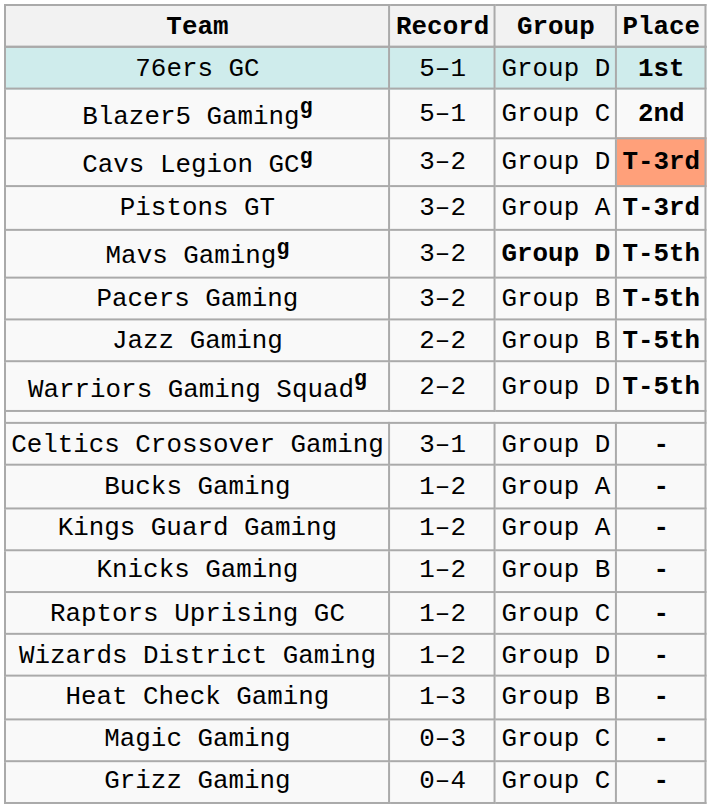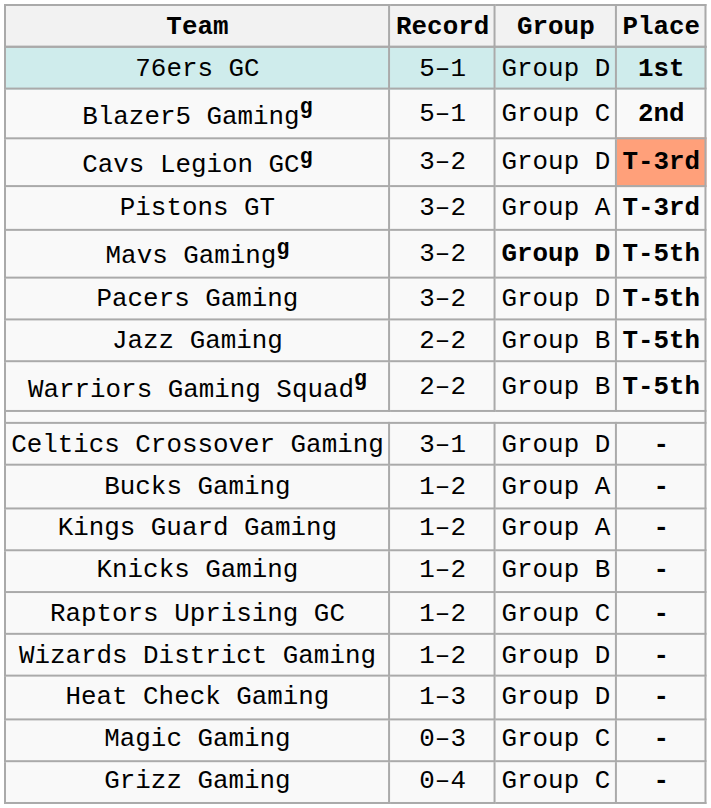 <table class="wikitable notsortable" style="text-align:center; font-size:100%">
 <tr>
 <th>Team</th>
 <th>Record</th>
 <th>Group</th>
 <th>Place</th>
 </tr>
 <tr>
 </tr>
 <tr style="background:#CFECEC">
 <td style="text-align:center">76ers GC</td>
 <td>5–1</td>
 <td>Group D</td>
 <td><strong>1st</strong></td>
 </tr>
 <tr>
 <td style="text-align:center">Blazer5 Gaming<strong><sup>g</sup></strong></td>
 <td>5–1</td>
 <td>Group C</td>
 <td><strong>2nd</strong></td>
 </tr>
 <tr>
 <td style="text-align:center">Cavs Legion GC<strong><sup>g</sup></strong></td>
 <td>3–2</td>
 <td>Group D</td>
 <td style="background: lightsalmon;"><strong>T-3rd</strong></td>
 </tr>
 <tr>
 <td style="text-align:center">Pistons GT</td>
 <td>3–2</td>
 <td>Group A</td>
 <td><strong>T-3rd</strong></td>
 </tr>
 <tr>
 <td style="text-align:center">Mavs Gaming<strong><sup>g</sup></strong></td>
 <td>3–2</td>
 <td><strong>Group D</strong></td>
 <td><strong>T-5th</strong></td>
 </tr>
 <tr>
 <td style="text-align:center">Pacers Gaming</td>
 <td>3–2</td>
-<td>Group B</td>
+<td>Group D</td>
 <td><strong>T-5th</strong></td>
 </tr>
 <tr>
 <td style="text-align:center">Jazz Gaming</td>
 <td>2–2</td>
 <td>Group B</td>
 <td><strong>T-5th</strong></td>
 </tr>
 <tr>
 <td style="text-align:center">Warriors Gaming Squad<strong><sup>g</sup></strong></td>
 <td>2–2</td>
-<td>Group D</td>
+<td>Group B</td>
 <td><strong>T-5th</strong></td>
 </tr>
 <tr>
 <td colspan=5></td>
 </tr>
 <tr>
 <td style="text-align:center">Celtics Crossover Gaming</td>
 <td>3–1</td>
 <td>Group D</td>
 <td><strong>-</strong></td>
 </tr>
 <tr>
 <td style="text-align:center">Bucks Gaming</td>
 <td>1–2</td>
 <td>Group A</td>
 <td><strong>-</strong></td>
 </tr>
 <tr>
 <td style="text-align:center">Kings Guard Gaming</td>
 <td>1–2</td>
 <td>Group A</td>
 <td><strong>-</strong></td>
 </tr>
 <tr>
 <td style="text-align:center">Knicks Gaming</td>
 <td>1–2</td>
 <td>Group B</td>
 <td><strong>-</strong></td>
 </tr>
 <tr>
 <td style="text-align:center">Raptors Uprising GC</td>
 <td>1–2</td>
 <td>Group C</td>
 <td><strong>-</strong></td>
 </tr>
 <tr>
 <td style="text-align:center">Wizards District Gaming</td>
 <td>1–2</td>
 <td>Group D</td>
 <td><strong>-</strong></td>
 </tr>
 <tr>
 <td style="text-align:center">Heat Check Gaming</td>
 <td>1–3</td>
-<td>Group B</td>
+<td>Group D</td>
 <td><strong>-</strong></td>
 </tr>
 <tr>
 <td style="text-align:center">Magic Gaming</td>
 <td>0–3</td>
 <td>Group C</td>
 <td><strong>-</strong></td>
 </tr>
 <tr>
 <td style="text-align:center">Grizz Gaming</td>
 <td>0–4</td>
 <td>Group C</td>
 <td><strong>-</strong></td>
 </tr>
 </table>
